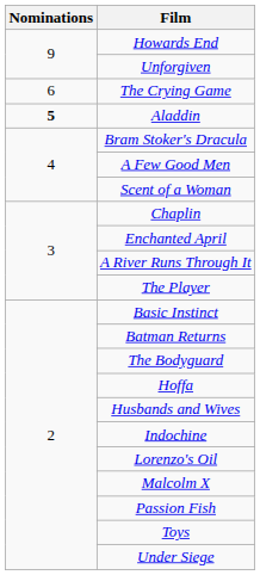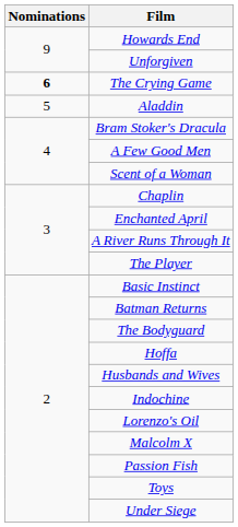 <table class="wikitable" style="text-align: center;">
 <tr>
 <th scope="col" width="55">Nominations</th>
 <th scope="col" align="center">Film</th>
 </tr>
 <tr>
 <td rowspan=2 style="text-align:center">9</td>
 <td><em><a href='#'>Howards End</a></em></td>
 </tr>
 <tr>
 <td><em><a href='#'>Unforgiven</a></em></td>
 </tr>
 <tr>
-<td style="text-align: center;">6</td>
+<td style="text-align: center;"><strong>6</strong></td>
 <td><em><a href='#'>The Crying Game</a></em></td>
 </tr>
 <tr>
-<td style="text-align: center;"><strong>5</strong></td>
+<td style="text-align: center;">5</td>
 <td><em><a href='#'>Aladdin</a></em></td>
 </tr>
 <tr>
 <td rowspan=3 style="text-align:center">4</td>
 <td><em><a href='#'>Bram Stoker's Dracula</a></em></td>
 </tr>
 <tr>
 <td><em><a href='#'>A Few Good Men</a></em></td>
 </tr>
 <tr>
 <td><em><a href='#'>Scent of a Woman</a></em></td>
 </tr>
 <tr>
 <td rowspan=4 style="text-align:center">3</td>
 <td><em><a href='#'>Chaplin</a></em></td>
 </tr>
 <tr>
 <td><em><a href='#'>Enchanted April</a></em></td>
 </tr>
 <tr>
 <td><em><a href='#'>A River Runs Through It</a></em></td>
 </tr>
 <tr>
 <td><em><a href='#'>The Player</a></em></td>
 </tr>
 <tr>
 <td rowspan=11 style="text-align:center">2</td>
 <td><em><a href='#'>Basic Instinct</a></em></td>
 </tr>
 <tr>
 <td><em><a href='#'>Batman Returns</a></em></td>
 </tr>
 <tr>
 <td><em><a href='#'>The Bodyguard</a></em></td>
 </tr>
 <tr>
 <td><em><a href='#'>Hoffa</a></em></td>
 </tr>
 <tr>
 <td><em><a href='#'>Husbands and Wives</a></em></td>
 </tr>
 <tr>
 <td><em><a href='#'>Indochine</a></em></td>
 </tr>
 <tr>
 <td><em><a href='#'>Lorenzo's Oil</a></em></td>
 </tr>
 <tr>
 <td><em><a href='#'>Malcolm X</a></em></td>
 </tr>
 <tr>
 <td><em><a href='#'>Passion Fish</a></em></td>
 </tr>
 <tr>
 <td><em><a href='#'>Toys</a></em></td>
 </tr>
 <tr>
 <td><em><a href='#'>Under Siege</a></em></td>
 </tr>
 </table>
